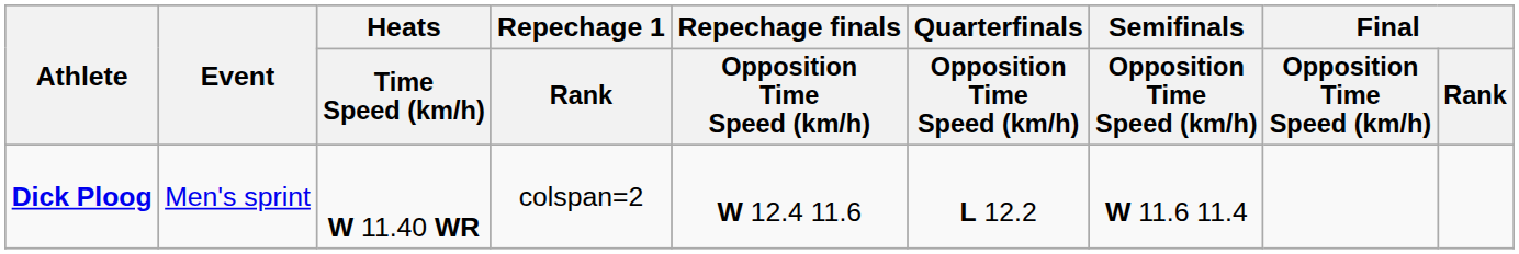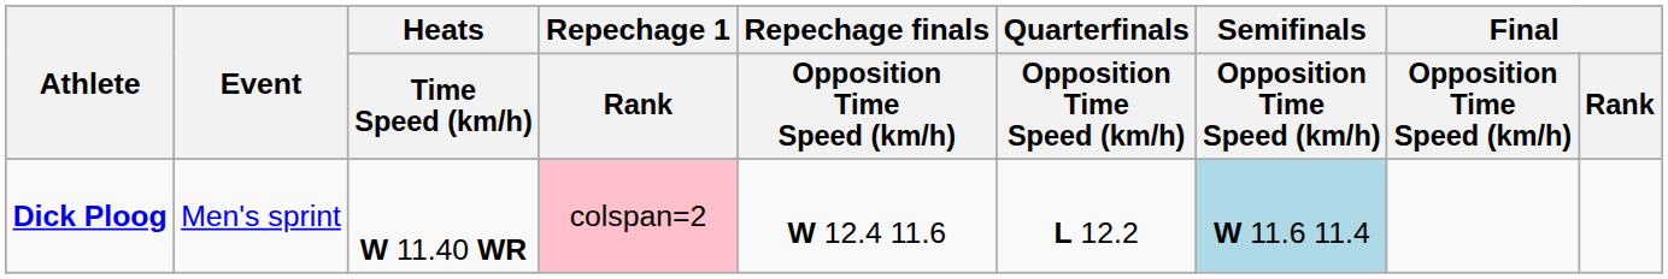 <table class="wikitable" style="font-size:90%">
 <tr>
 <th rowspan="2">Athlete</th>
 <th rowspan="2">Event</th>
 <th>Heats</th>
 <th>Repechage 1</th>
 <th>Repechage finals</th>
 <th>Quarterfinals</th>
 <th>Semifinals</th>
 <th colspan=2>Final</th>
 </tr>
 <tr style="font-size:95%">
 <th>Time<br>Speed (km/h)</th>
 <th>Rank</th>
 <th>Opposition<br>Time<br>Speed (km/h)</th>
 <th>Opposition<br>Time<br>Speed (km/h)</th>
 <th>Opposition<br>Time<br>Speed (km/h)</th>
 <th>Opposition<br>Time<br>Speed (km/h)</th>
 <th>Rank</th>
 </tr>
 <tr align=center>
 <td align=left><strong><a href='#'>Dick Ploog</a></strong></td>
 <td align=left><a href='#'>Men's sprint</a></td>
 <td><br><br><strong>W</strong> 11.40 <strong>WR</strong></td>
-<td>colspan=2 </td>
+<td style="background: pink;">colspan=2 </td>
 <td><br><strong>W</strong> 12.4	11.6</td>
 <td><br><strong>L</strong> 12.2</td>
-<td><br><strong>W</strong> 11.6 11.4</td>
+<td style="background: lightblue;"><br><strong>W</strong> 11.6 11.4</td>
 <td></td>
 </tr>
 </table>
